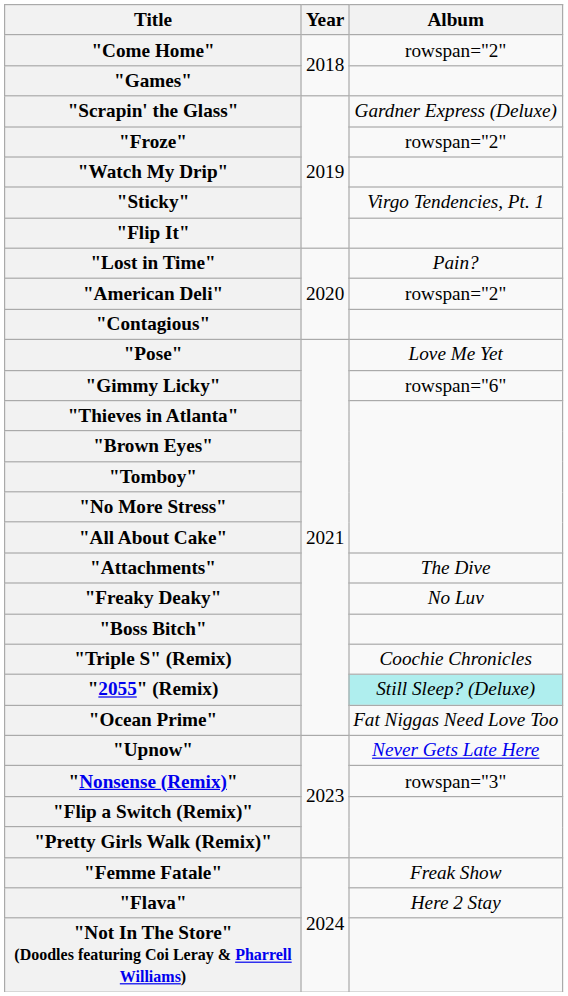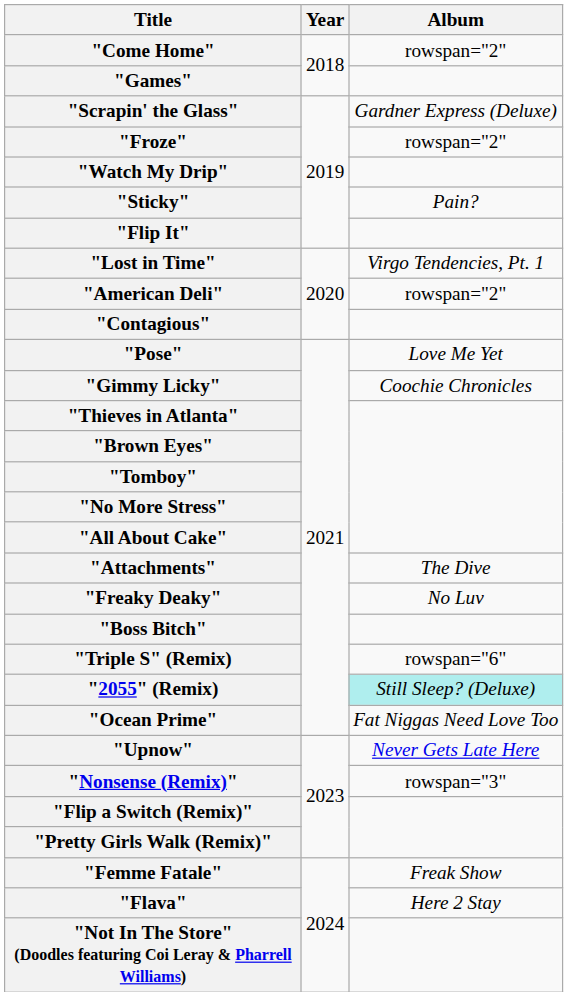 <table class="wikitable plainrowheaders" style="text-align:center;">
 <tr>
 <th scope="col" style="width:15em;">Title</th>
 <th scope="col">Year</th>
 <th scope="col">Album</th>
 </tr>
 <tr>
 <th scope="row">"Come Home"<br></th>
 <td rowspan="2">2018</td>
 <td>rowspan="2" </td>
 </tr>
 <tr>
 <th scope="row">"Games"<br></th>
 </tr>
 <tr>
 <th scope="row">"Scrapin' the Glass"<br></th>
 <td rowspan="5">2019</td>
 <td><em>Gardner Express (Deluxe)</em></td>
 </tr>
 <tr>
 <th scope="row">"Froze"<br></th>
 <td>rowspan="2" </td>
 </tr>
 <tr>
 <th scope="row">"Watch My Drip"<br></th>
 </tr>
 <tr>
 <th scope="row">"Sticky"<br></th>
-<td><em>Virgo Tendencies, Pt. 1</em></td>
+<td><em>Pain?</em></td>
 </tr>
 <tr>
 <th scope="row">"Flip It"<br></th>
 <td></td>
 </tr>
 <tr>
 <th scope="row">"Lost in Time"<br></th>
 <td rowspan="3">2020</td>
-<td><em>Pain?</em></td>
+<td><em>Virgo Tendencies, Pt. 1</em></td>
 </tr>
 <tr>
 <th scope="row">"American Deli"<br></th>
 <td>rowspan="2" </td>
 </tr>
 <tr>
 <th scope="row">"Contagious"<br></th>
 </tr>
 <tr>
 <th scope="row">"Pose"<br></th>
 <td rowspan="13">2021</td>
 <td><em>Love Me Yet</em></td>
 </tr>
 <tr>
 <th scope="row">"Gimmy Licky"<br></th>
-<td>rowspan="6" </td>
+<td><em>Coochie Chronicles</em></td>
 </tr>
 <tr>
 <th scope="row">"Thieves in Atlanta"<br></th>
 </tr>
 <tr>
 <th scope="row">"Brown Eyes"<br></th>
 </tr>
 <tr>
 <th scope="row">"Tomboy"<br></th>
 </tr>
 <tr>
 <th scope="row">"No More Stress"<br></th>
 </tr>
 <tr>
 <th scope="row">"All About Cake"<br></th>
 </tr>
 <tr>
 <th scope="row">"Attachments"<br></th>
 <td><em>The Dive</em></td>
 </tr>
 <tr>
 <th scope="row">"Freaky Deaky"<br></th>
 <td><em>No Luv</em></td>
 </tr>
 <tr>
 <th scope="row">"Boss Bitch"<br></th>
 <td></td>
 </tr>
 <tr>
 <th scope="row">"Triple S" (Remix)<br></th>
-<td><em>Coochie Chronicles</em></td>
+<td>rowspan="6" </td>
 </tr>
 <tr>
 <th scope="row">"<a href='#'>2055</a>" (Remix)<br></th>
 <td style="background: paleturquoise;"><em>Still Sleep? (Deluxe)</em></td>
 </tr>
 <tr>
 <th scope="row">"Ocean Prime"<br></th>
 <td><em>Fat Niggas Need Love Too</em></td>
 </tr>
 <tr>
 <th scope="row">"Upnow"<br></th>
 <td rowspan="4">2023</td>
 <td><em><a href='#'>Never Gets Late Here</a></em></td>
 </tr>
 <tr>
 <th scope="row">"<a href='#'>Nonsense (Remix)</a>"<br></th>
 <td>rowspan="3" </td>
 </tr>
 <tr>
 <th scope="row">"Flip a Switch (Remix)"<br></th>
 </tr>
 <tr>
 <th scope="row">"Pretty Girls Walk (Remix)"<br></th>
 </tr>
 <tr>
 <th scope="row">"Femme Fatale"<br></th>
 <td rowspan="3">2024</td>
 <td><em>Freak Show</em></td>
 </tr>
 <tr>
 <th scope="row">"Flava"<br></th>
 <td><em>Here 2 Stay</em></td>
 </tr>
 <tr>
 <th scope="row">"Not In The Store"<br><small>(Doodles featuring Coi Leray & <a href='#'>Pharrell Williams</a>)</small></th>
 <td></td>
 </tr>
 </table>
